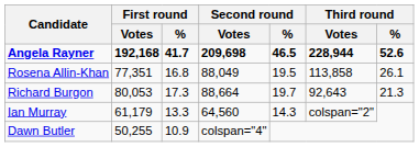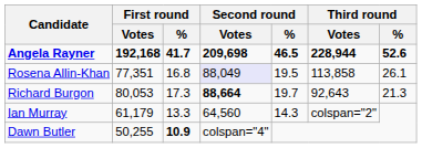 <table class="wikitable" text-align:right"|>
 <tr>
 <th rowspan=2>Candidate</th>
 <th colspan="2">First round</th>
 <th colspan="2">Second round</th>
 <th colspan="2">Third round</th>
 </tr>
 <tr>
 <th style="width: 50px">Votes</th>
 <th style="width: 40px">%</th>
 <th style="width: 50px">Votes</th>
 <th style="width: 40px">%</th>
 <th style="width: 50px">Votes</th>
 <th style="width: 40px">%</th>
 </tr>
 <tr>
 <td><strong><a href='#'>Angela Rayner</a></strong></td>
 <td><strong>192,168</strong></td>
 <td><strong>41.7</strong></td>
 <td><strong>209,698</strong></td>
 <td><strong>46.5</strong></td>
 <td><strong>228,944</strong></td>
 <td><strong>52.6</strong></td>
 </tr>
 <tr>
 <td><a href='#'>Rosena Allin-Khan</a></td>
 <td>77,351</td>
 <td>16.8</td>
-<td>88,049</td>
+<td style="background: lavender;">88,049</td>
 <td>19.5</td>
 <td>113,858</td>
 <td>26.1</td>
 </tr>
 <tr>
 <td><a href='#'>Richard Burgon</a></td>
 <td>80,053</td>
 <td>17.3</td>
-<td>88,664</td>
+<td><strong>88,664</strong></td>
 <td>19.7</td>
 <td>92,643</td>
 <td>21.3</td>
 </tr>
 <tr>
 <td><a href='#'>Ian Murray</a></td>
 <td>61,179</td>
 <td>13.3</td>
 <td>64,560</td>
 <td>14.3</td>
 <td>colspan="2" </td>
 </tr>
 <tr>
 <td><a href='#'>Dawn Butler</a></td>
 <td>50,255</td>
-<td>10.9</td>
+<td><strong>10.9</strong></td>
 <td>colspan="4" </td>
 </tr>
 </table>
